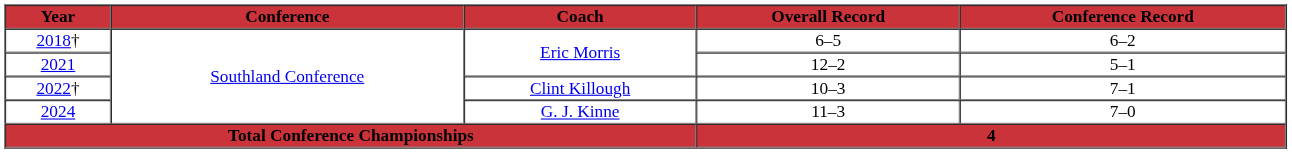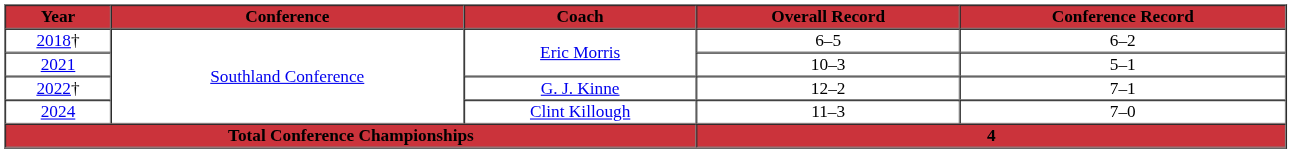 <table cellpadding="1" border="1" cellspacing="0" style="width:75%;">
 <tr>
 <th style="background:#cb333b;"><span>Year</span></th>
 <th style="background:#cb333b;"><span>Conference</span></th>
 <th style="background:#cb333b;"><span>Coach</span></th>
 <th style="background:#cb333b;"><span>Overall Record</span></th>
 <th style="background:#cb333b;"><span>Conference Record</span></th>
 </tr>
 <tr style="text-align:center;">
 <td><a href='#'>2018</a>†</td>
 <td rowspan="4"><a href='#'>Southland Conference</a></td>
 <td rowspan="2'"><a href='#'>Eric Morris</a></td>
 <td>6–5</td>
 <td>6–2</td>
 </tr>
 <tr style="text-align:center;">
 <td><a href='#'>2021</a></td>
-<td>12–2</td>
+<td>10–3</td>
 <td>5–1</td>
 </tr>
 <tr style="text-align:center;">
 <td><a href='#'>2022</a>†</td>
-<td><a href='#'>Clint Killough</a></td>
-<td>10–3</td>
+<td><a href='#'>G. J. Kinne</a></td>
+<td>12–2</td>
 <td>7–1</td>
 </tr>
 <tr style="text-align:center;">
 <td><a href='#'>2024</a></td>
-<td><a href='#'>G. J. Kinne</a></td>
+<td><a href='#'>Clint Killough</a></td>
 <td>11–3</td>
 <td>7–0</td>
 </tr>
 <tr style="text-align:center; background:#cb333b;">
 <td colspan="3"><span> <strong>Total Conference Championships</strong></span></td>
 <td colspan="2"><span> <strong>4</strong></span></td>
 </tr>
 </table>
